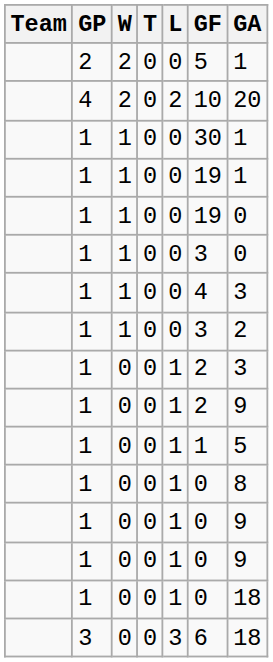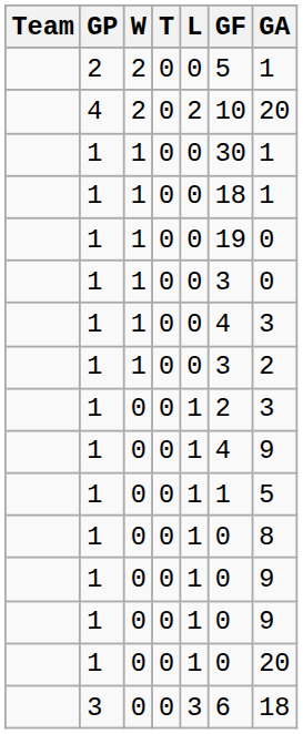 <table class="wikitable">
 <tr>
 <th>Team</th>
 <th>GP</th>
 <th>W</th>
 <th>T</th>
 <th>L</th>
 <th>GF</th>
 <th>GA</th>
 </tr>
 <tr>
 <td></td>
 <td>2</td>
 <td>2</td>
 <td>0</td>
 <td>0</td>
 <td>5</td>
 <td>1</td>
 </tr>
 <tr>
 <td></td>
 <td>4</td>
 <td>2</td>
 <td>0</td>
 <td>2</td>
 <td>10</td>
 <td>20</td>
 </tr>
 <tr>
 <td></td>
 <td>1</td>
 <td>1</td>
 <td>0</td>
 <td>0</td>
 <td>30</td>
 <td>1</td>
 </tr>
 <tr>
 <td></td>
 <td>1</td>
 <td>1</td>
 <td>0</td>
 <td>0</td>
-<td>19</td>
+<td>18</td>
 <td>1</td>
 </tr>
 <tr>
 <td></td>
 <td>1</td>
 <td>1</td>
 <td>0</td>
 <td>0</td>
 <td>19</td>
 <td>0</td>
 </tr>
 <tr>
 <td></td>
 <td>1</td>
 <td>1</td>
 <td>0</td>
 <td>0</td>
 <td>3</td>
 <td>0</td>
 </tr>
 <tr>
 <td></td>
 <td>1</td>
 <td>1</td>
 <td>0</td>
 <td>0</td>
 <td>4</td>
 <td>3</td>
 </tr>
 <tr>
 <td></td>
 <td>1</td>
 <td>1</td>
 <td>0</td>
 <td>0</td>
 <td>3</td>
 <td>2</td>
 </tr>
 <tr>
 <td></td>
 <td>1</td>
 <td>0</td>
 <td>0</td>
 <td>1</td>
 <td>2</td>
 <td>3</td>
 </tr>
 <tr>
 <td></td>
 <td>1</td>
 <td>0</td>
 <td>0</td>
 <td>1</td>
-<td>2</td>
+<td>4</td>
 <td>9</td>
 </tr>
 <tr>
 <td></td>
 <td>1</td>
 <td>0</td>
 <td>0</td>
 <td>1</td>
 <td>1</td>
 <td>5</td>
 </tr>
 <tr>
 <td></td>
 <td>1</td>
 <td>0</td>
 <td>0</td>
 <td>1</td>
 <td>0</td>
 <td>8</td>
 </tr>
 <tr>
 <td></td>
 <td>1</td>
 <td>0</td>
 <td>0</td>
 <td>1</td>
 <td>0</td>
 <td>9</td>
 </tr>
 <tr>
 <td></td>
 <td>1</td>
 <td>0</td>
 <td>0</td>
 <td>1</td>
 <td>0</td>
 <td>9</td>
 </tr>
 <tr>
 <td></td>
 <td>1</td>
 <td>0</td>
 <td>0</td>
 <td>1</td>
 <td>0</td>
-<td>18</td>
+<td>20</td>
 </tr>
 <tr>
 <td></td>
 <td>3</td>
 <td>0</td>
 <td>0</td>
 <td>3</td>
 <td>6</td>
 <td>18</td>
 </tr>
 </table>
